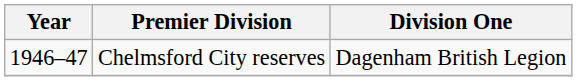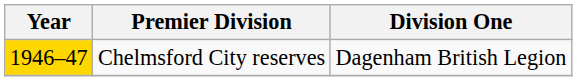 <table class="wikitable">
 <tr>
 <th>Year</th>
 <th>Premier Division</th>
 <th>Division One</th>
 </tr>
 <tr>
-<td>1946–47</td>
+<td style="background: gold;">1946–47</td>
 <td>Chelmsford City reserves</td>
 <td>Dagenham British Legion</td>
 </tr>
 <tr>
 </tr>
 </table>
